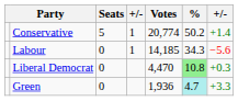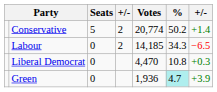 <table class="wikitable">
 <tr>
 <th colspan="2">Party</th>
 <th>Seats</th>
 <th>+/-</th>
 <th>Votes</th>
 <th>%</th>
 <th>+/-</th>
 </tr>
 <tr>
 <td style="background-color: "></td>
 <td><a href='#'>Conservative</a></td>
 <td>5</td>
-<td> 1</td>
+<td> 2</td>
 <td>20,774</td>
 <td>50.2</td>
 <td style="color:green">+1.4</td>
 </tr>
 <tr>
 <td style="background-color: "></td>
 <td><a href='#'>Labour</a></td>
 <td>0</td>
-<td> 1</td>
+<td> 2</td>
 <td>14,185</td>
 <td>34.3</td>
-<td style="color:red">−5.6</td>
+<td style="color:red">−6.5</td>
 </tr>
 <tr>
 <td style="background-color: "></td>
 <td><a href='#'>Liberal Democrat</a></td>
 <td>0</td>
 <td></td>
 <td>4,470</td>
-<td style="background: lightgreen;">10.8</td>
+<td>10.8</td>
 <td style="color:green">+0.3</td>
 </tr>
 <tr>
 <td style="background-color: "></td>
 <td><a href='#'>Green</a></td>
 <td>0</td>
 <td></td>
 <td>1,936</td>
 <td style="background: paleturquoise;">4.7</td>
-<td style="color:green">+3.3</td>
+<td style="color:green">+3.9</td>
 </tr>
 </table>
